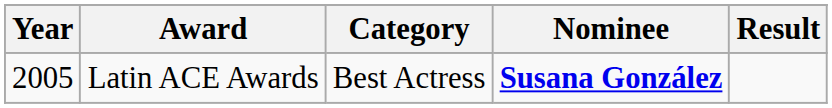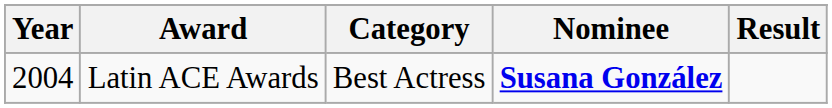 <table class="wikitable">
 <tr style="background:#b0c4de;">
 </tr>
 <tr>
 <th>Year</th>
 <th>Award</th>
 <th>Category</th>
 <th>Nominee</th>
 <th>Result</th>
 </tr>
 <tr>
-<td>2005</td>
+<td>2004</td>
 <td>Latin ACE Awards</td>
 <td>Best Actress</td>
 <td><strong><a href='#'>Susana González</a></strong></td>
 <td></td>
 </tr>
 </table>
